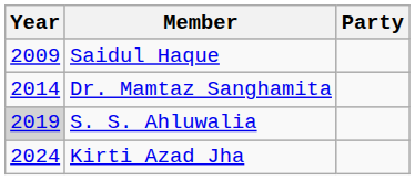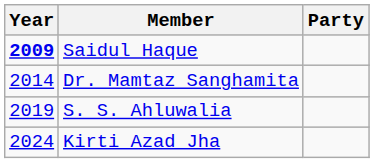 <table class="wikitable sortable">
 <tr>
 <th>Year</th>
 <th>Member</th>
 <th colspan="2">Party</th>
 </tr>
 <tr>
-<td><a href='#'>2009</a></td>
+<td><strong><a href='#'>2009</a></strong></td>
 <td><a href='#'>Saidul Haque</a></td>
 <td></td>
 </tr>
 <tr>
 <td><a href='#'>2014</a></td>
 <td><a href='#'>Dr. Mamtaz Sanghamita</a></td>
 <td></td>
 </tr>
 <tr>
-<td style="background: lightgrey;"><a href='#'>2019</a></td>
+<td><a href='#'>2019</a></td>
 <td><a href='#'>S. S. Ahluwalia</a></td>
 <td></td>
 </tr>
 <tr>
 <td><a href='#'>2024</a></td>
 <td><a href='#'> Kirti Azad Jha</a></td>
 <td></td>
 </tr>
 </table>
